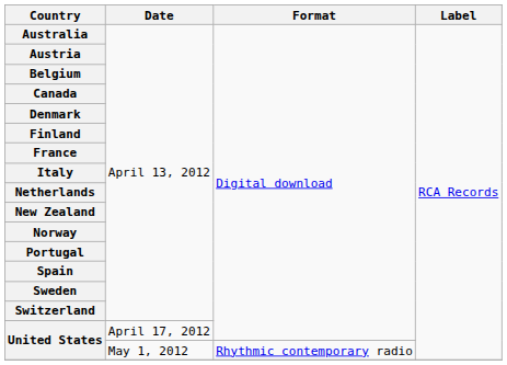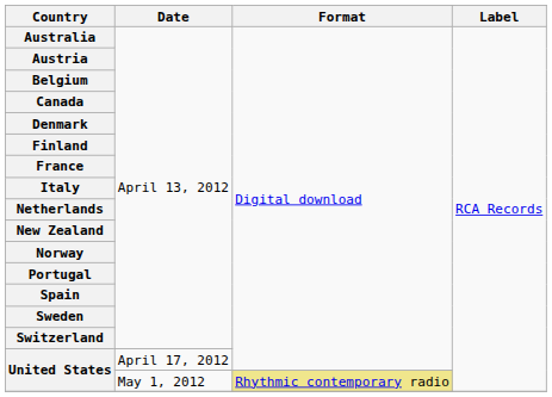 <table class="wikitable plainrowheaders">
 <tr>
 <th scope="col">Country</th>
 <th scope="col">Date</th>
 <th scope="col">Format</th>
 <th scope="col">Label</th>
 </tr>
 <tr>
 <th scope="row">Australia</th>
 <td rowspan="15">April 13, 2012</td>
 <td rowspan="16"><a href='#'>Digital download</a></td>
 <td rowspan="17"><a href='#'>RCA Records</a></td>
 </tr>
 <tr>
 <th scope="row">Austria</th>
 </tr>
 <tr>
 <th scope="row">Belgium</th>
 </tr>
 <tr>
 <th scope="row">Canada</th>
 </tr>
 <tr>
 <th scope="row">Denmark</th>
 </tr>
 <tr>
 <th scope="row">Finland</th>
 </tr>
 <tr>
 <th scope="row">France</th>
 </tr>
 <tr>
 <th scope="row">Italy</th>
 </tr>
 <tr>
 <th scope="row">Netherlands</th>
 </tr>
 <tr>
 <th scope="row">New Zealand</th>
 </tr>
 <tr>
 <th scope="row">Norway</th>
 </tr>
 <tr>
 <th scope="row">Portugal</th>
 </tr>
 <tr>
 <th scope="row">Spain</th>
 </tr>
 <tr>
 <th scope="row">Sweden</th>
 </tr>
 <tr>
 <th scope="row">Switzerland</th>
 </tr>
 <tr>
 <th scope="row" rowspan="2">United States</th>
 <td>April 17, 2012</td>
 </tr>
 <tr>
 <td>May 1, 2012</td>
-<td><a href='#'>Rhythmic contemporary</a> radio</td>
+<td style="background: khaki;"><a href='#'>Rhythmic contemporary</a> radio</td>
 </tr>
 <tr>
 </tr>
 </table>
